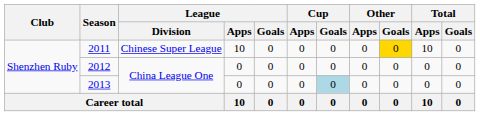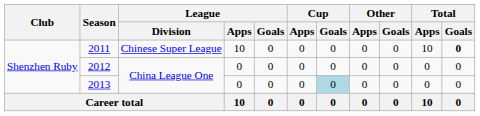 <table class="wikitable" style="text-align: center">
 <tr>
 <th rowspan="2">Club</th>
 <th rowspan="2">Season</th>
 <th colspan="3">League</th>
 <th colspan="2">Cup</th>
 <th colspan="2">Other</th>
 <th colspan="2">Total</th>
 </tr>
 <tr>
 <th>Division</th>
 <th>Apps</th>
 <th>Goals</th>
 <th>Apps</th>
 <th>Goals</th>
 <th>Apps</th>
 <th>Goals</th>
 <th>Apps</th>
 <th>Goals</th>
 </tr>
 <tr>
 <td rowspan="3"><a href='#'>Shenzhen Ruby</a></td>
 <td><a href='#'>2011</a></td>
 <td><a href='#'>Chinese Super League</a></td>
 <td>10</td>
 <td>0</td>
 <td>0</td>
 <td>0</td>
 <td>0</td>
-<td style="background: gold;">0</td>
+<td>0</td>
 <td>10</td>
-<td>0</td>
+<td><strong>0</strong></td>
 </tr>
 <tr>
 <td><a href='#'>2012</a></td>
 <td rowspan="2"><a href='#'>China League One</a></td>
 <td>0</td>
 <td>0</td>
 <td>0</td>
 <td>0</td>
 <td>0</td>
 <td>0</td>
 <td>0</td>
 <td>0</td>
 </tr>
 <tr>
 <td><a href='#'>2013</a></td>
 <td>0</td>
 <td>0</td>
 <td>0</td>
 <td style="background: lightblue;">0</td>
 <td>0</td>
 <td>0</td>
 <td>0</td>
 <td>0</td>
 </tr>
 <tr>
 <th colspan=3>Career total</th>
 <th>10</th>
 <th>0</th>
 <th>0</th>
 <th>0</th>
 <th>0</th>
 <th>0</th>
 <th>10</th>
 <th>0</th>
 </tr>
 </table>
